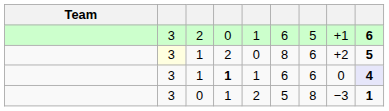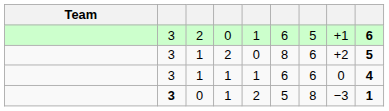 <table class="wikitable" style="text-align: center; font-size: 90%;">
 <tr>
 <th width=165>Team</th>
 <th width=25></th>
 <th width=25></th>
 <th width=25></th>
 <th width=25></th>
 <th width=25></th>
 <th width=25></th>
 <th width=25></th>
 <th width=25></th>
 </tr>
 <tr bgcolor="ccffcc">
 <td align="left"></td>
 <td>3</td>
 <td>2</td>
 <td>0</td>
 <td>1</td>
 <td>6</td>
 <td>5</td>
 <td>+1</td>
 <td><strong>6</strong></td>
 </tr>
 <tr>
 <td align="left"><em></em></td>
-<td style="background: lightyellow;">3</td>
+<td>3</td>
 <td>1</td>
 <td>2</td>
 <td>0</td>
 <td>8</td>
 <td>6</td>
 <td>+2</td>
 <td><strong>5</strong></td>
 </tr>
 <tr>
 <td align="left"></td>
 <td>3</td>
 <td>1</td>
-<td><strong>1</strong></td>
+<td>1</td>
 <td>1</td>
 <td>6</td>
 <td>6</td>
 <td>0</td>
-<td style="background: lavender;"><strong>4</strong></td>
+<td><strong>4</strong></td>
 </tr>
 <tr>
 <td align="left"></td>
-<td>3</td>
+<td><strong>3</strong></td>
 <td>0</td>
 <td>1</td>
 <td>2</td>
 <td>5</td>
 <td>8</td>
 <td>−3</td>
 <td><strong>1</strong></td>
 </tr>
 </table>
